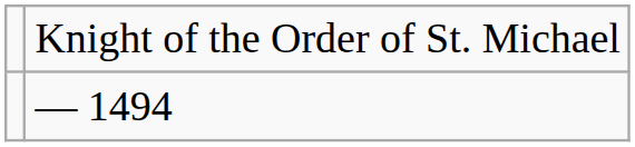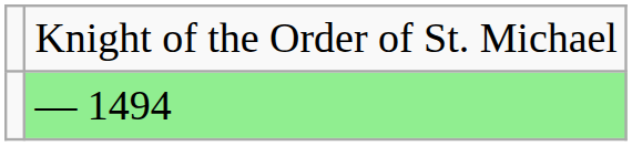 <table class="wikitable">
 <tr>
 <td></td>
 <td>Knight of the Order of St. Michael</td>
 </tr>
 <tr>
 <td></td>
-<td>— 1494</td>
+<td style="background: lightgreen;">— 1494</td>
 </tr>
 </table>
